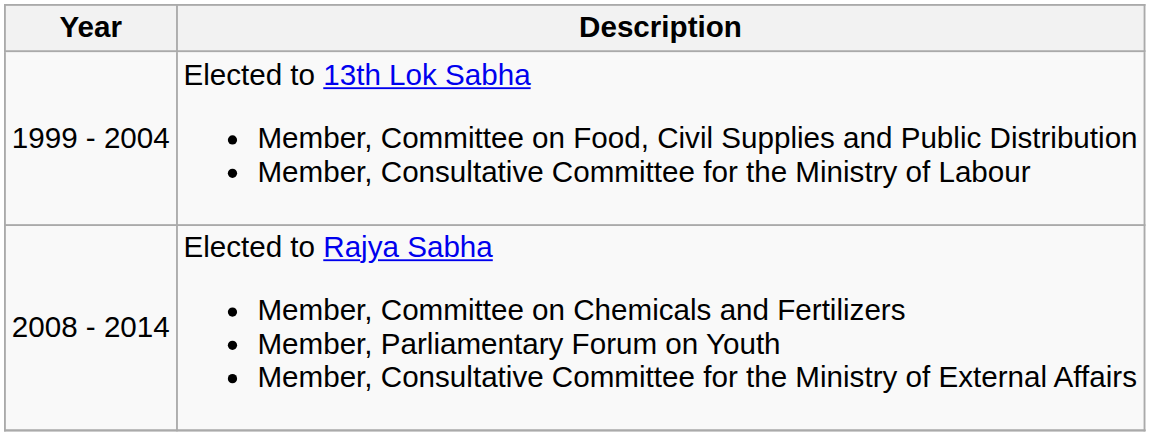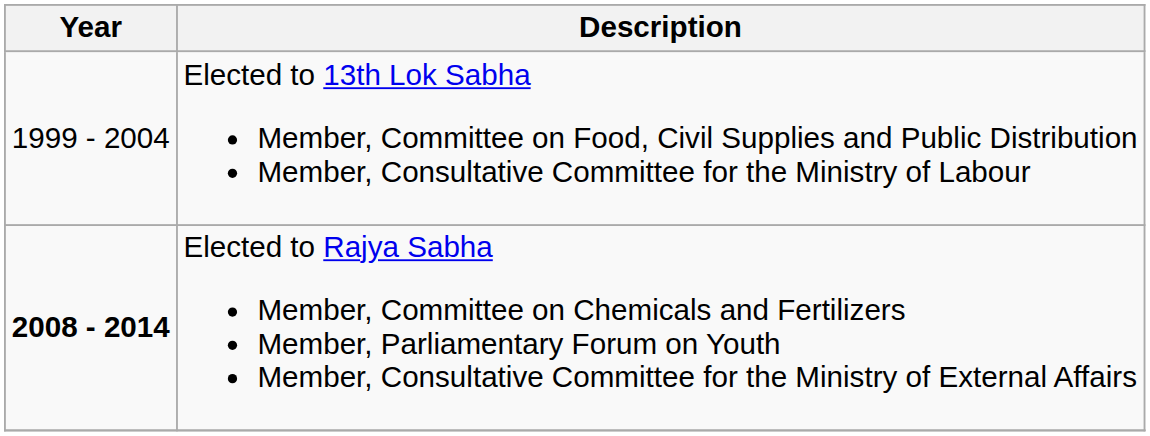 <table class="wikitable">
 <tr>
 <th>Year</th>
 <th>Description</th>
 </tr>
 <tr>
 <td>1999 - 2004</td>
 <td>Elected to <a href='#'>13th Lok Sabha</a><br><ul><li>Member, Committee on Food, Civil Supplies and Public Distribution </li><li>Member, Consultative Committee for the Ministry of Labour </li></ul></td>
 </tr>
 <tr>
-<td>2008 - 2014</td>
+<td><strong>2008 - 2014</strong></td>
 <td>Elected to <a href='#'>Rajya Sabha</a><br><ul><li>Member, Committee on Chemicals and Fertilizers </li><li>Member, Parliamentary Forum on Youth </li><li>Member, Consultative Committee for the Ministry of External Affairs </li></ul></td>
 </tr>
 <tr>
 </tr>
 </table>
